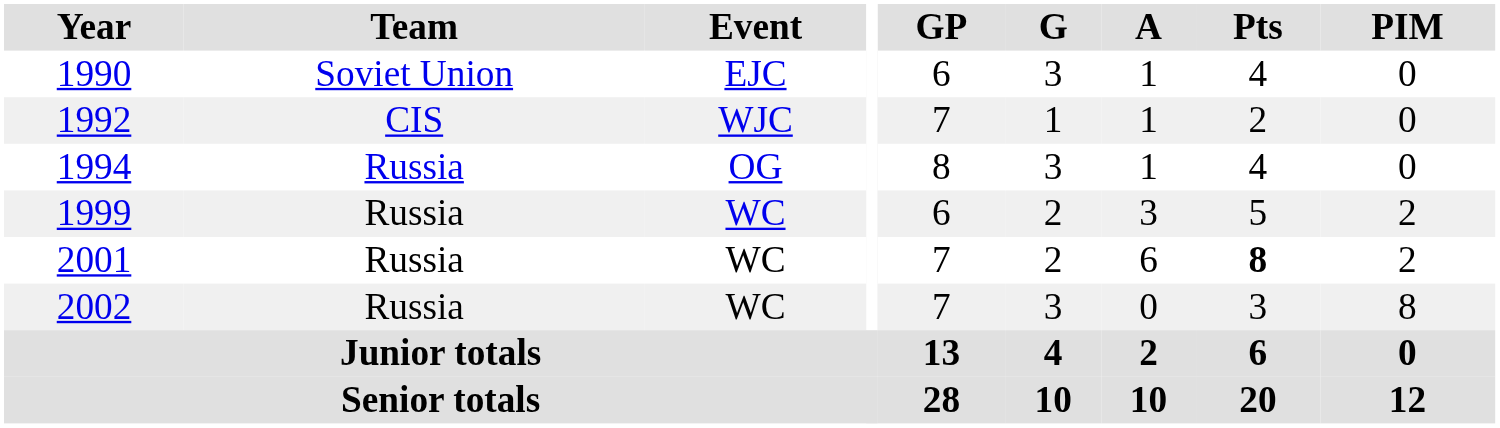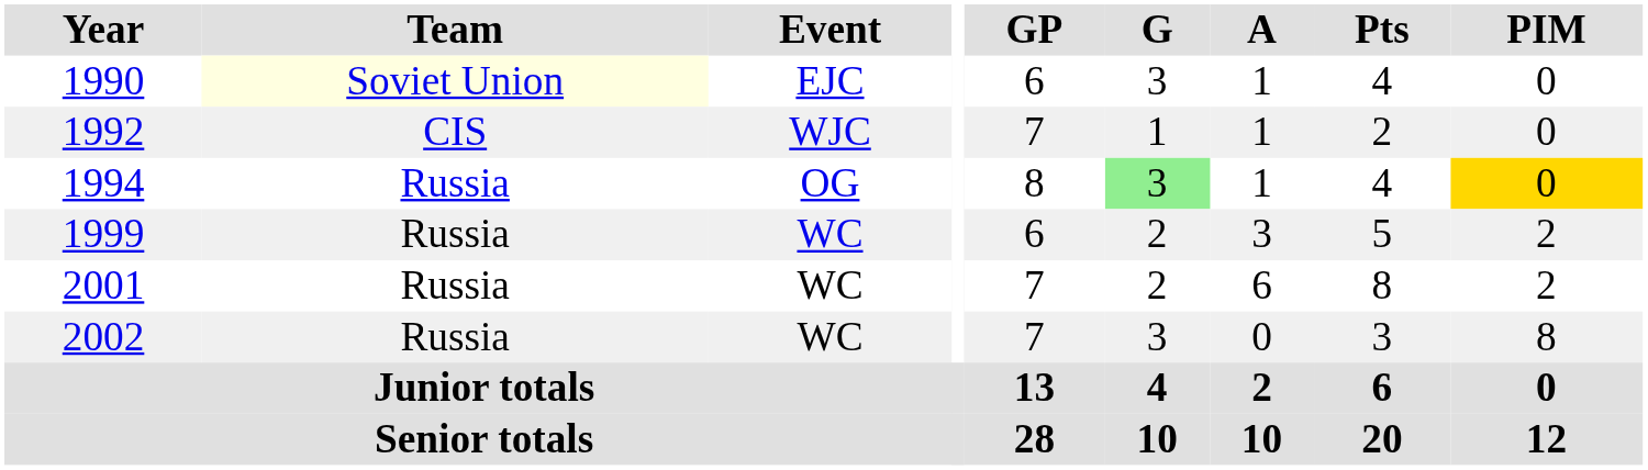 <table border="0" cellpadding="1" cellspacing="0" ID="Table3" style="text-align:center; width:40em">
 <tr bgcolor="#e0e0e0">
 <th>Year</th>
 <th>Team</th>
 <th>Event</th>
 <th rowspan="102" bgcolor="#ffffff"></th>
 <th>GP</th>
 <th>G</th>
 <th>A</th>
 <th>Pts</th>
 <th>PIM</th>
 </tr>
 <tr>
 <td><a href='#'>1990</a></td>
-<td><a href='#'>Soviet Union</a></td>
+<td style="background: lightyellow;"><a href='#'>Soviet Union</a></td>
 <td><a href='#'>EJC</a></td>
 <td>6</td>
 <td>3</td>
 <td>1</td>
 <td>4</td>
 <td>0</td>
 </tr>
 <tr bgcolor="#f0f0f0">
 <td><a href='#'>1992</a></td>
 <td><a href='#'>CIS</a></td>
 <td><a href='#'>WJC</a></td>
 <td>7</td>
 <td>1</td>
 <td>1</td>
 <td>2</td>
 <td>0</td>
 </tr>
 <tr>
 <td><a href='#'>1994</a></td>
 <td><a href='#'>Russia</a></td>
 <td><a href='#'>OG</a></td>
 <td>8</td>
-<td>3</td>
+<td style="background: lightgreen;">3</td>
 <td>1</td>
 <td>4</td>
-<td>0</td>
+<td style="background: gold;">0</td>
 </tr>
 <tr bgcolor="#f0f0f0">
 <td><a href='#'>1999</a></td>
 <td>Russia</td>
 <td><a href='#'>WC</a></td>
 <td>6</td>
 <td>2</td>
 <td>3</td>
 <td>5</td>
 <td>2</td>
 </tr>
 <tr>
 <td><a href='#'>2001</a></td>
 <td>Russia</td>
 <td>WC</td>
 <td>7</td>
 <td>2</td>
 <td>6</td>
-<td><strong>8</strong></td>
+<td>8</td>
 <td>2</td>
 </tr>
 <tr bgcolor="#f0f0f0">
 <td><a href='#'>2002</a></td>
 <td>Russia</td>
 <td>WC</td>
 <td>7</td>
 <td>3</td>
 <td>0</td>
 <td>3</td>
 <td>8</td>
 </tr>
 <tr bgcolor="#e0e0e0">
 <th colspan="4">Junior totals</th>
 <th>13</th>
 <th>4</th>
 <th>2</th>
 <th>6</th>
 <th>0</th>
 </tr>
 <tr bgcolor="#e0e0e0">
 <th colspan="4">Senior totals</th>
 <th>28</th>
 <th>10</th>
 <th>10</th>
 <th>20</th>
 <th>12</th>
 </tr>
 </table>
